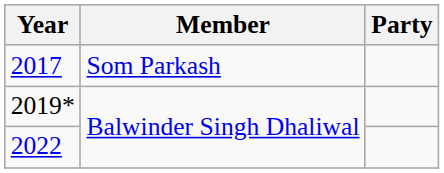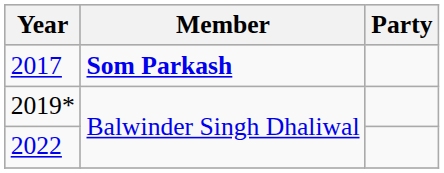 <table class="wikitable sortable">
 <tr>
 <th>Year</th>
 <th>Member</th>
 <th colspan="2">Party</th>
 </tr>
 <tr>
 <td><a href='#'>2017</a></td>
-<td><a href='#'>Som Parkash</a></td>
+<td><strong><a href='#'>Som Parkash</a></strong></td>
 <td></td>
 </tr>
 <tr>
 <td>2019*</td>
 <td rowspan="2"><a href='#'>Balwinder Singh Dhaliwal</a></td>
 <td></td>
 </tr>
 <tr>
 <td><a href='#'>2022</a></td>
 <td></td>
 </tr>
 </table>
